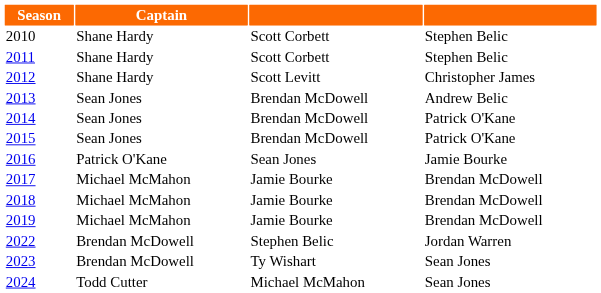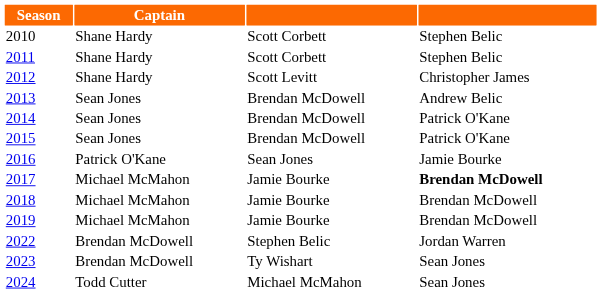 <table class="toccolours" style="width:40em">
 <tr>
 <th style="background:#fc6902;color:white;border:#fc6902 1px solid">Season</th>
 <th style="background:#fc6902;color:white;border:#fc6902 1px solid">Captain</th>
 <th style="background:#fc6902;color:white;border:#fc6902 1px solid"></th>
 <th style="background:#fc6902;color:white;border:#fc6902 1px solid"></th>
 </tr>
 <tr>
 <td>2010</td>
 <td> Shane Hardy</td>
 <td> Scott Corbett</td>
 <td> Stephen Belic</td>
 </tr>
 <tr>
 <td><a href='#'>2011</a></td>
 <td> Shane Hardy</td>
 <td> Scott Corbett</td>
 <td> Stephen Belic</td>
 </tr>
 <tr>
 <td><a href='#'>2012</a></td>
 <td> Shane Hardy</td>
 <td> Scott Levitt</td>
 <td> Christopher James</td>
 </tr>
 <tr>
 <td><a href='#'>2013</a></td>
 <td> Sean Jones</td>
 <td> Brendan McDowell</td>
 <td> Andrew Belic</td>
 </tr>
 <tr>
 <td><a href='#'>2014</a></td>
 <td> Sean Jones</td>
 <td> Brendan McDowell</td>
 <td> Patrick O'Kane</td>
 </tr>
 <tr>
 <td><a href='#'>2015</a></td>
 <td> Sean Jones</td>
 <td> Brendan McDowell</td>
 <td> Patrick O'Kane</td>
 </tr>
 <tr>
 <td><a href='#'>2016</a></td>
 <td> Patrick O'Kane</td>
 <td> Sean Jones</td>
 <td> Jamie Bourke</td>
 </tr>
 <tr>
 <td><a href='#'>2017</a></td>
 <td> Michael McMahon</td>
 <td> Jamie Bourke</td>
-<td> Brendan McDowell</td>
+<td><strong> Brendan McDowell</strong></td>
 </tr>
 <tr>
 <td><a href='#'>2018</a></td>
 <td> Michael McMahon</td>
 <td> Jamie Bourke</td>
 <td> Brendan McDowell</td>
 </tr>
 <tr>
 <td><a href='#'>2019</a></td>
 <td> Michael McMahon</td>
 <td> Jamie Bourke</td>
 <td> Brendan McDowell</td>
 </tr>
 <tr>
 <td><a href='#'>2022</a></td>
 <td> Brendan McDowell</td>
 <td> Stephen Belic</td>
 <td> Jordan Warren</td>
 </tr>
 <tr>
 <td><a href='#'>2023</a></td>
 <td> Brendan McDowell</td>
 <td> Ty Wishart</td>
 <td> Sean Jones</td>
 </tr>
 <tr>
 <td><a href='#'>2024</a></td>
 <td> Todd Cutter</td>
 <td> Michael McMahon</td>
 <td> Sean Jones</td>
 </tr>
 <tr>
 </tr>
 </table>
